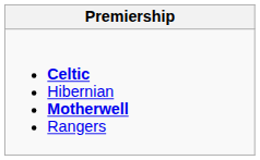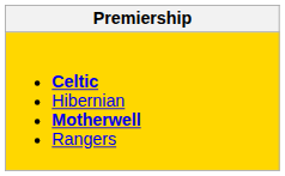 <table class="wikitable">
 <tr>
 <th style="width:250px;">Premiership</th>
 </tr>
 <tr>
-<td valign=top><br><ul><li><strong><a href='#'>Celtic</a></strong></li><li><a href='#'>Hibernian</a></li><li><strong><a href='#'>Motherwell</a></strong></li><li><a href='#'>Rangers</a></li></ul></td>
+<td valign=top style="background: gold;"><br><ul><li><strong><a href='#'>Celtic</a></strong></li><li><a href='#'>Hibernian</a></li><li><strong><a href='#'>Motherwell</a></strong></li><li><a href='#'>Rangers</a></li></ul></td>
 </tr>
 </table>
